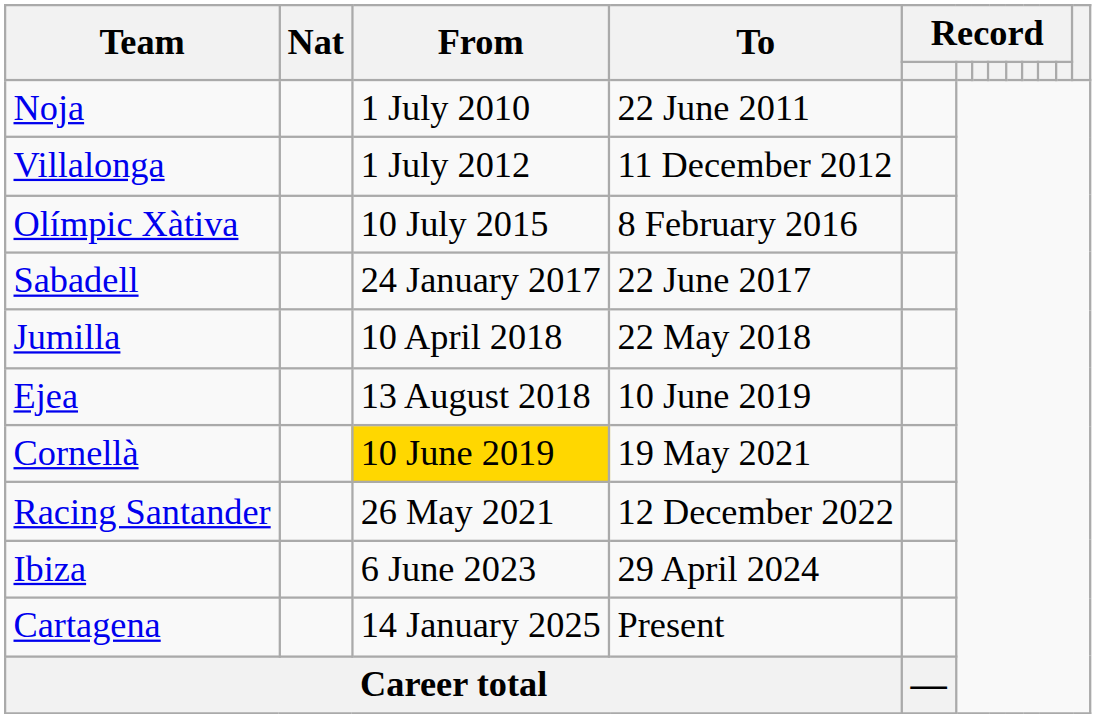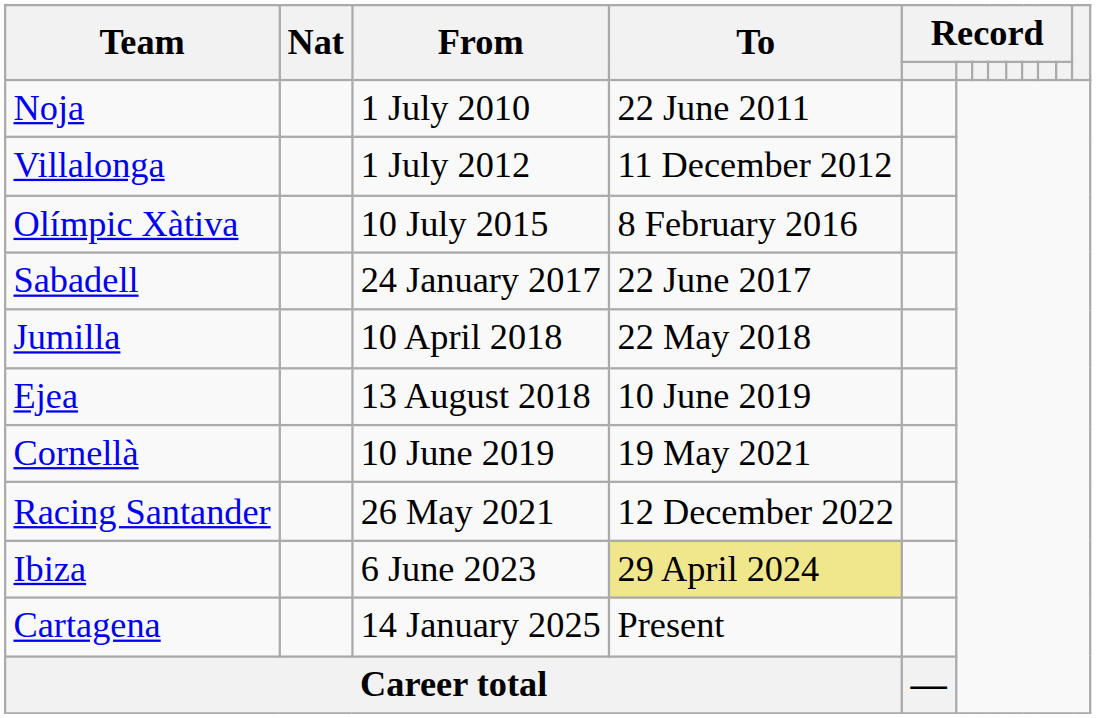 <table class="wikitable" style="text-align: center">
 <tr>
 <th rowspan="2">Team</th>
 <th rowspan="2">Nat</th>
 <th rowspan="2">From</th>
 <th rowspan="2">To</th>
 <th colspan="8">Record</th>
 <th rowspan=2></th>
 </tr>
 <tr>
 <th></th>
 <th></th>
 <th></th>
 <th></th>
 <th></th>
 <th></th>
 <th></th>
 <th></th>
 </tr>
 <tr>
 <td align="left"><a href='#'>Noja</a></td>
 <td></td>
 <td align=left>1 July 2010</td>
 <td align=left>22 June 2011<br></td>
 <td></td>
 </tr>
 <tr>
 <td align="left"><a href='#'>Villalonga</a></td>
 <td></td>
 <td align=left>1 July 2012</td>
 <td align=left>11 December 2012<br></td>
 <td></td>
 </tr>
 <tr>
 <td align="left"><a href='#'>Olímpic Xàtiva</a></td>
 <td></td>
 <td align=left>10 July 2015</td>
 <td align=left>8 February 2016<br></td>
 <td></td>
 </tr>
 <tr>
 <td align="left"><a href='#'>Sabadell</a></td>
 <td></td>
 <td align=left>24 January 2017</td>
 <td align=left>22 June 2017<br></td>
 <td></td>
 </tr>
 <tr>
 <td align="left"><a href='#'>Jumilla</a></td>
 <td></td>
 <td align=left>10 April 2018</td>
 <td align=left>22 May 2018<br></td>
 <td></td>
 </tr>
 <tr>
 <td align="left"><a href='#'>Ejea</a></td>
 <td></td>
 <td align=left>13 August 2018</td>
 <td align=left>10 June 2019<br></td>
 <td></td>
 </tr>
 <tr>
 <td align="left"><a href='#'>Cornellà</a></td>
 <td></td>
-<td align=left style="background: gold;">10 June 2019</td>
+<td align=left>10 June 2019</td>
 <td align=left>19 May 2021<br></td>
 <td></td>
 </tr>
 <tr>
 <td align="left"><a href='#'>Racing Santander</a></td>
 <td></td>
 <td align=left>26 May 2021</td>
 <td align=left>12 December 2022<br></td>
 <td></td>
 </tr>
 <tr>
 <td align="left"><a href='#'>Ibiza</a></td>
 <td></td>
 <td align=left>6 June 2023</td>
-<td align=left>29 April 2024<br></td>
+<td align=left style="background: khaki;">29 April 2024<br></td>
 <td></td>
 </tr>
 <tr>
 <td align="left"><a href='#'>Cartagena</a></td>
 <td></td>
 <td align=left>14 January 2025</td>
 <td align=left>Present<br></td>
 <td></td>
 </tr>
 <tr>
 <th colspan=4><strong>Career total</strong><br></th>
 <th>—</th>
 </tr>
 </table>
